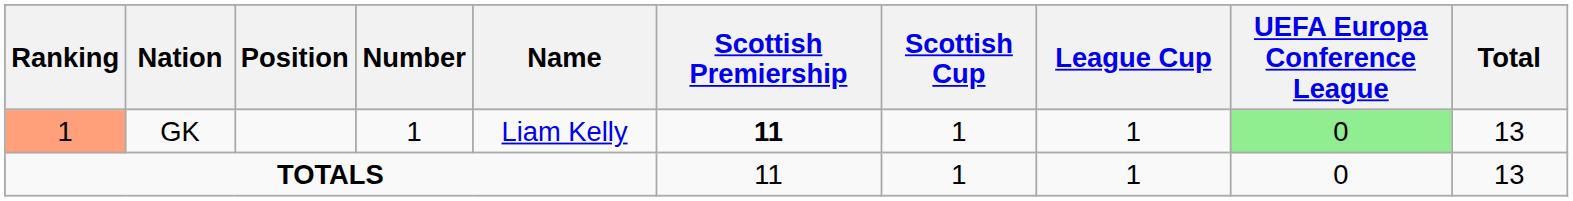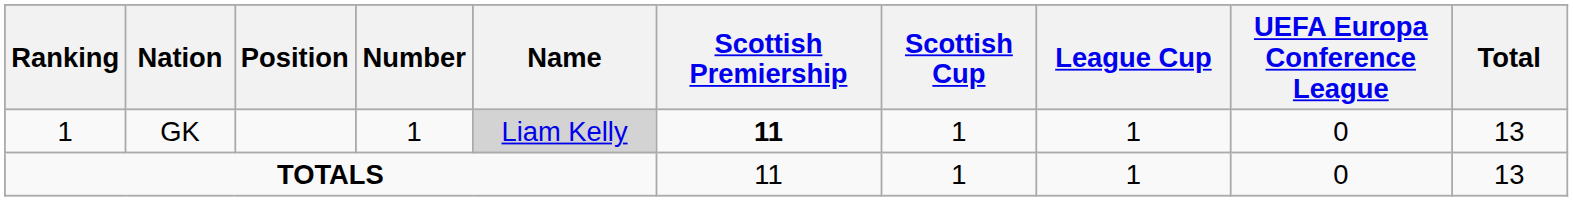 <table class="wikitable" style="font-size: 95%; text-align: center;">
 <tr>
 <th width=60>Ranking</th>
 <th width=60>Nation</th>
 <th width=60>Position</th>
 <th width=60>Number</th>
 <th width=150>Name</th>
 <th width=150><a href='#'>Scottish Premiership</a></th>
 <th width=100><a href='#'>Scottish Cup</a></th>
 <th width=150><a href='#'>League Cup</a></th>
 <th width=150><a href='#'>UEFA Europa Conference League</a></th>
 <th width=80>Total</th>
 </tr>
 <tr>
-<td style="background: lightsalmon;">1</td>
+<td>1</td>
 <td>GK</td>
 <td></td>
 <td>1</td>
-<td><a href='#'>Liam Kelly</a></td>
+<td style="background: lightgrey;"><a href='#'>Liam Kelly</a></td>
 <td><strong>11</strong></td>
 <td>1</td>
 <td>1</td>
-<td style="background: lightgreen;">0</td>
+<td>0</td>
 <td>13</td>
 </tr>
 <tr>
 <td colspan="5"><strong>TOTALS</strong></td>
 <td>11</td>
 <td>1</td>
 <td>1</td>
 <td>0</td>
 <td>13</td>
 </tr>
 </table>
